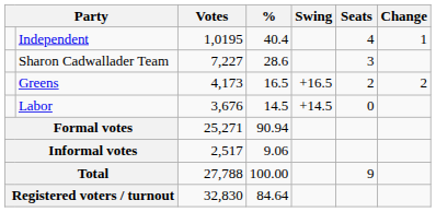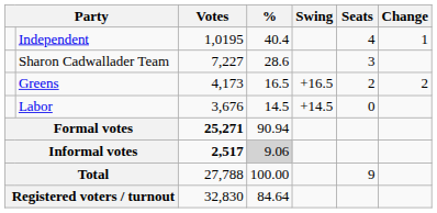 <table class="wikitable" style="text-align:right; margin-bottom:0">
 <tr>
 <th style="width:10px" colspan=3>Party</th>
 <th style="width:70px;">Votes</th>
 <th style="width:40px;">%</th>
 <th style="width:40px;">Swing</th>
 <th style="width:40px;">Seats</th>
 <th style="width:40px;">Change</th>
 </tr>
 <tr>
 <td> </td>
 <td style="text-align:left;" colspan="2"><a href='#'>Independent</a></td>
 <td>1,0195</td>
 <td>40.4</td>
 <td></td>
 <td>4</td>
 <td> 1</td>
 </tr>
 <tr>
 <td> </td>
 <td style="text-align:left;" colspan="2">Sharon Cadwallader Team</td>
 <td>7,227</td>
 <td>28.6</td>
 <td></td>
 <td>3</td>
 <td></td>
 </tr>
 <tr>
 <td> </td>
 <td style="text-align:left;" colspan="2"><a href='#'>Greens</a></td>
 <td>4,173</td>
 <td>16.5</td>
 <td>+16.5</td>
 <td>2</td>
 <td> 2</td>
 </tr>
 <tr>
 <td> </td>
 <td style="text-align:left;" colspan="2"><a href='#'>Labor</a></td>
 <td>3,676</td>
 <td>14.5</td>
 <td>+14.5</td>
 <td>0</td>
 <td></td>
 </tr>
 <tr>
 <th colspan="3" rowspan="1"> Formal votes</th>
-<td>25,271</td>
+<td><strong>25,271</strong></td>
 <td>90.94</td>
 <td></td>
 <td></td>
 <td></td>
 </tr>
 <tr>
 <th colspan="3" rowspan="1"> Informal votes</th>
-<td>2,517</td>
-<td>9.06</td>
+<td><strong>2,517</strong></td>
+<td style="background: lightgrey;">9.06</td>
 <td></td>
 <td></td>
 <td></td>
 </tr>
 <tr>
 <th colspan="3" rowspan="1"> <strong>Total </strong></th>
 <td>27,788</td>
 <td>100.00</td>
 <td></td>
 <td>9</td>
 <td></td>
 </tr>
 <tr>
 <th colspan="3" rowspan="1"> Registered voters / turnout</th>
 <td>32,830</td>
 <td>84.64</td>
 <td></td>
 <td></td>
 <td></td>
 </tr>
 </table>
